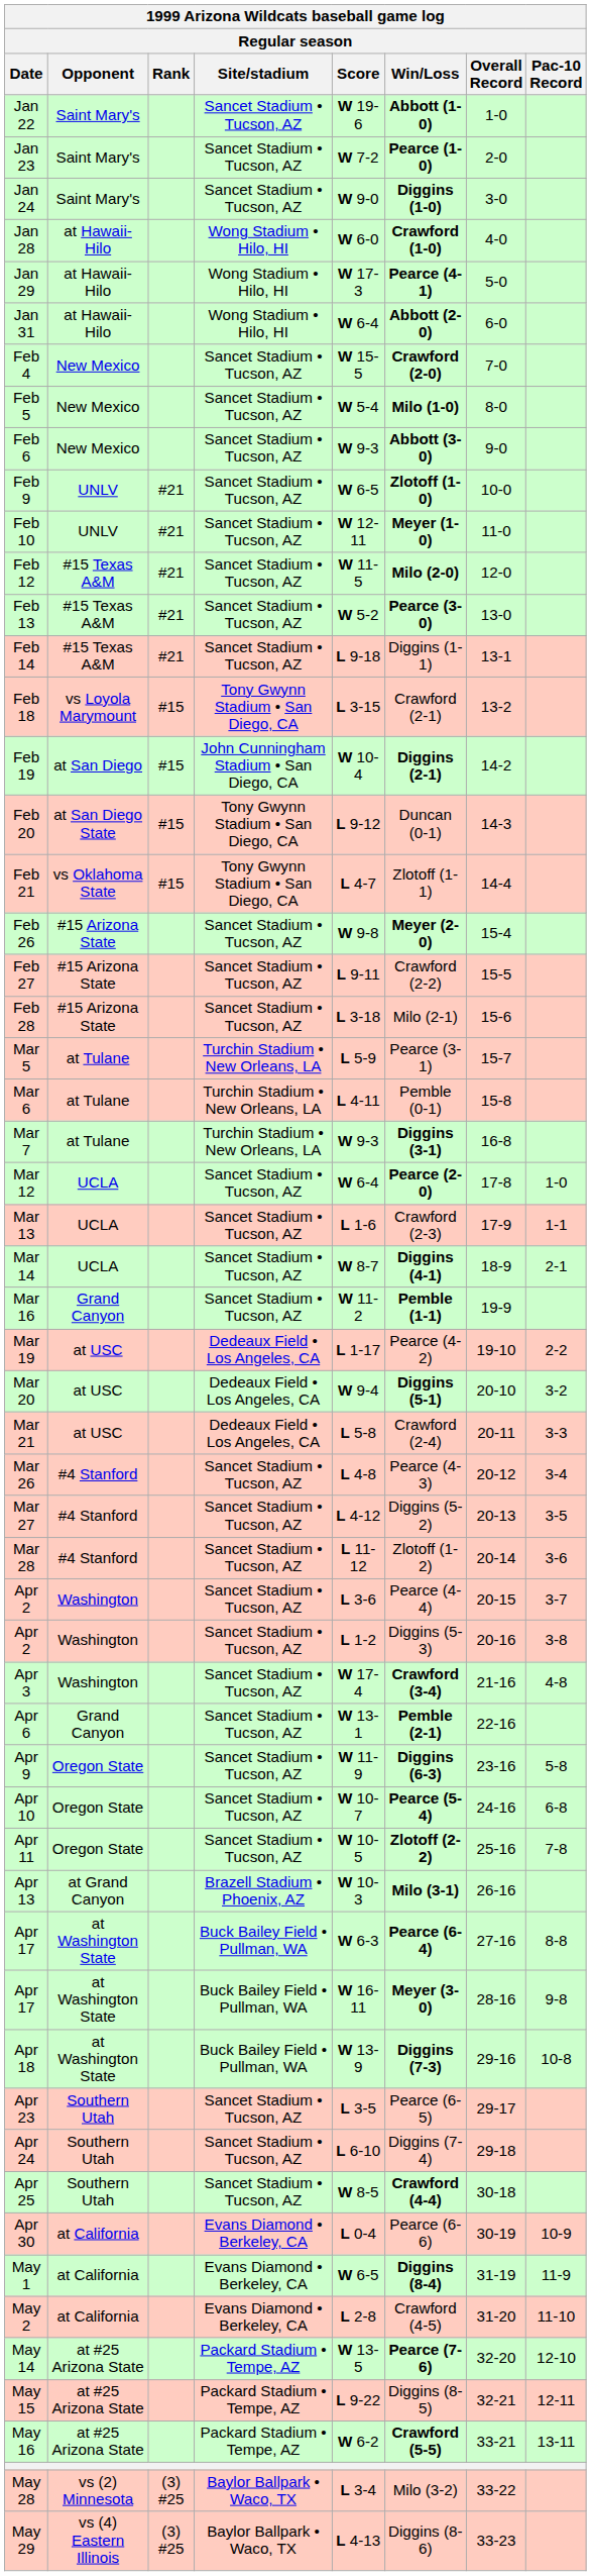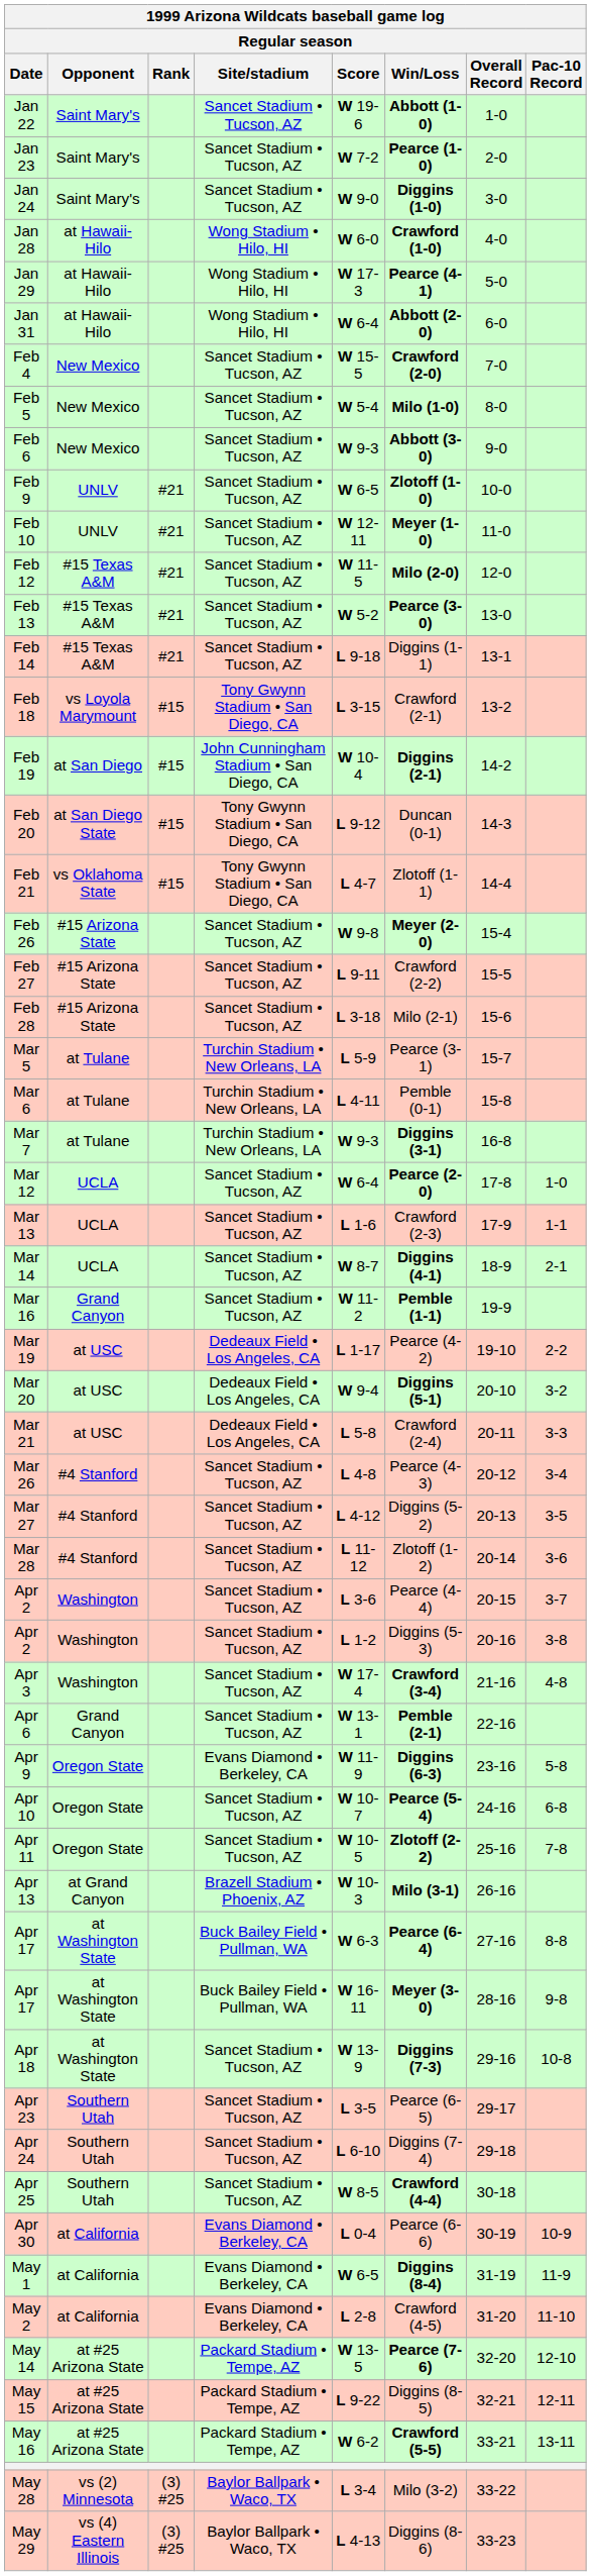 <table class="wikitable">
 <tr>
 <th colspan="8">1999 Arizona Wildcats baseball game log</th>
 </tr>
 <tr>
 <th colspan="8">Regular season</th>
 </tr>
 <tr>
 <th>Date</th>
 <th>Opponent</th>
 <th>Rank</th>
 <th>Site/stadium</th>
 <th>Score</th>
 <th>Win/Loss</th>
 <th>Overall<br>Record</th>
 <th>Pac-10<br>Record</th>
 </tr>
 <tr bgcolor="ccffcc" align="center">
 <td>Jan 22</td>
 <td><a href='#'>Saint Mary's</a></td>
 <td></td>
 <td><a href='#'>Sancet Stadium</a> • <a href='#'>Tucson, AZ</a></td>
 <td><strong>W</strong> 19-6</td>
 <td><strong>Abbott (1-0)</strong></td>
 <td>1-0</td>
 <td></td>
 </tr>
 <tr bgcolor="ccffcc" align="center">
 <td>Jan 23</td>
 <td>Saint Mary's</td>
 <td></td>
 <td>Sancet Stadium • Tucson, AZ</td>
 <td><strong>W</strong> 7-2</td>
 <td><strong>Pearce (1-0)</strong></td>
 <td>2-0</td>
 <td></td>
 </tr>
 <tr bgcolor="ccffcc" align="center">
 <td>Jan 24</td>
 <td>Saint Mary's</td>
 <td></td>
 <td>Sancet Stadium • Tucson, AZ</td>
 <td><strong>W</strong> 9-0</td>
 <td><strong>Diggins (1-0)</strong></td>
 <td>3-0</td>
 <td></td>
 </tr>
 <tr bgcolor="ccffcc" align="center">
 <td>Jan 28</td>
 <td>at <a href='#'>Hawaii-Hilo</a></td>
 <td></td>
 <td><a href='#'>Wong Stadium</a> • <a href='#'>Hilo, HI</a></td>
 <td><strong>W</strong> 6-0</td>
 <td><strong>Crawford (1-0)</strong></td>
 <td>4-0</td>
 <td></td>
 </tr>
 <tr bgcolor="ccffcc" align="center">
 <td>Jan 29</td>
 <td>at Hawaii-Hilo</td>
 <td></td>
 <td>Wong Stadium • Hilo, HI</td>
 <td><strong>W</strong> 17-3</td>
 <td><strong>Pearce (4-1)</strong></td>
 <td>5-0</td>
 <td></td>
 </tr>
 <tr bgcolor="ccffcc" align="center">
 <td>Jan 31</td>
 <td>at Hawaii-Hilo</td>
 <td></td>
 <td>Wong Stadium • Hilo, HI</td>
 <td><strong>W</strong> 6-4</td>
 <td><strong>Abbott (2-0)</strong></td>
 <td>6-0</td>
 <td></td>
 </tr>
 <tr bgcolor="ccffcc" align="center">
 <td>Feb 4</td>
 <td><a href='#'>New Mexico</a></td>
 <td></td>
 <td>Sancet Stadium • Tucson, AZ</td>
 <td><strong>W</strong> 15-5</td>
 <td><strong>Crawford (2-0)</strong></td>
 <td>7-0</td>
 <td></td>
 </tr>
 <tr bgcolor="ccffcc" align="center">
 <td>Feb 5</td>
 <td>New Mexico</td>
 <td></td>
 <td>Sancet Stadium • Tucson, AZ</td>
 <td><strong>W</strong> 5-4</td>
 <td><strong>Milo (1-0)</strong></td>
 <td>8-0</td>
 <td></td>
 </tr>
 <tr bgcolor="ccffcc" align="center">
 <td>Feb 6</td>
 <td>New Mexico</td>
 <td></td>
 <td>Sancet Stadium • Tucson, AZ</td>
 <td><strong>W</strong> 9-3</td>
 <td><strong>Abbott (3-0)</strong></td>
 <td>9-0</td>
 <td></td>
 </tr>
 <tr bgcolor="ccffcc" align="center">
 <td>Feb 9</td>
 <td><a href='#'>UNLV</a></td>
 <td>#21</td>
 <td>Sancet Stadium • Tucson, AZ</td>
 <td><strong>W</strong> 6-5</td>
 <td><strong>Zlotoff (1-0)</strong></td>
 <td>10-0</td>
 <td></td>
 </tr>
 <tr bgcolor="ccffcc" align="center">
 <td>Feb 10</td>
 <td>UNLV</td>
 <td>#21</td>
 <td>Sancet Stadium • Tucson, AZ</td>
 <td><strong>W</strong> 12-11</td>
 <td><strong>Meyer (1-0)</strong></td>
 <td>11-0</td>
 <td></td>
 </tr>
 <tr bgcolor="ccffcc" align="center">
 <td>Feb 12</td>
 <td>#15 <a href='#'>Texas A&M</a></td>
 <td>#21</td>
 <td>Sancet Stadium • Tucson, AZ</td>
 <td><strong>W</strong> 11-5</td>
 <td><strong>Milo (2-0)</strong></td>
 <td>12-0</td>
 <td></td>
 </tr>
 <tr bgcolor="ccffcc" align="center">
 <td>Feb 13</td>
 <td>#15 Texas A&M</td>
 <td>#21</td>
 <td>Sancet Stadium • Tucson, AZ</td>
 <td><strong>W</strong> 5-2</td>
 <td><strong>Pearce (3-0)</strong></td>
 <td>13-0</td>
 <td></td>
 </tr>
 <tr bgcolor="ffccc" align="center">
 <td>Feb 14</td>
 <td>#15 Texas A&M</td>
 <td>#21</td>
 <td>Sancet Stadium • Tucson, AZ</td>
 <td><strong>L</strong> 9-18</td>
 <td>Diggins (1-1)</td>
 <td>13-1</td>
 <td></td>
 </tr>
 <tr bgcolor="ffccc" align="center">
 <td>Feb 18</td>
 <td>vs <a href='#'>Loyola Marymount</a></td>
 <td>#15</td>
 <td><a href='#'>Tony Gwynn Stadium</a> • <a href='#'>San Diego, CA</a></td>
 <td><strong>L</strong> 3-15</td>
 <td>Crawford (2-1)</td>
 <td>13-2</td>
 <td></td>
 </tr>
 <tr bgcolor="ccffcc" align="center">
 <td>Feb 19</td>
 <td>at <a href='#'>San Diego</a></td>
 <td>#15</td>
 <td><a href='#'>John Cunningham Stadium</a> • San Diego, CA</td>
 <td><strong>W</strong> 10-4</td>
 <td><strong>Diggins (2-1)</strong></td>
 <td>14-2</td>
 <td></td>
 </tr>
 <tr bgcolor="ffccc" align="center">
 <td>Feb 20</td>
 <td>at <a href='#'>San Diego State</a></td>
 <td>#15</td>
 <td>Tony Gwynn Stadium • San Diego, CA</td>
 <td><strong>L</strong> 9-12</td>
 <td>Duncan (0-1)</td>
 <td>14-3</td>
 <td></td>
 </tr>
 <tr bgcolor="ffccc" align="center">
 <td>Feb 21</td>
 <td>vs <a href='#'>Oklahoma State</a></td>
 <td>#15</td>
 <td>Tony Gwynn Stadium • San Diego, CA</td>
 <td><strong>L</strong> 4-7</td>
 <td>Zlotoff (1-1)</td>
 <td>14-4</td>
 <td></td>
 </tr>
 <tr bgcolor="ccffcc" align="center">
 <td>Feb 26</td>
 <td>#15 <a href='#'>Arizona State</a></td>
 <td></td>
 <td>Sancet Stadium • Tucson, AZ</td>
 <td><strong>W</strong> 9-8</td>
 <td><strong>Meyer (2-0)</strong></td>
 <td>15-4</td>
 <td></td>
 </tr>
 <tr bgcolor="ffccc" align="center">
 <td>Feb 27</td>
 <td>#15 Arizona State</td>
 <td></td>
 <td>Sancet Stadium • Tucson, AZ</td>
 <td><strong>L</strong> 9-11</td>
 <td>Crawford (2-2)</td>
 <td>15-5</td>
 <td></td>
 </tr>
 <tr bgcolor="ffccc" align="center">
 <td>Feb 28</td>
 <td>#15 Arizona State</td>
 <td></td>
 <td>Sancet Stadium • Tucson, AZ</td>
 <td><strong>L</strong> 3-18</td>
 <td>Milo (2-1)</td>
 <td>15-6</td>
 <td></td>
 </tr>
 <tr bgcolor="ffccc" align="center">
 <td>Mar 5</td>
 <td>at <a href='#'>Tulane</a></td>
 <td></td>
 <td><a href='#'>Turchin Stadium</a> • <a href='#'>New Orleans, LA</a></td>
 <td><strong>L</strong> 5-9</td>
 <td>Pearce (3-1)</td>
 <td>15-7</td>
 <td></td>
 </tr>
 <tr bgcolor="ffccc" align="center">
 <td>Mar 6</td>
 <td>at Tulane</td>
 <td></td>
 <td>Turchin Stadium • New Orleans, LA</td>
 <td><strong>L</strong> 4-11</td>
 <td>Pemble (0-1)</td>
 <td>15-8</td>
 <td></td>
 </tr>
 <tr bgcolor="ccffcc" align="center">
 <td>Mar 7</td>
 <td>at Tulane</td>
 <td></td>
 <td>Turchin Stadium • New Orleans, LA</td>
 <td><strong>W</strong> 9-3</td>
 <td><strong>Diggins (3-1)</strong></td>
 <td>16-8</td>
 <td></td>
 </tr>
 <tr bgcolor="ccffcc" align="center">
 <td>Mar 12</td>
 <td><a href='#'>UCLA</a></td>
 <td></td>
 <td>Sancet Stadium • Tucson, AZ</td>
 <td><strong>W</strong> 6-4</td>
 <td><strong>Pearce (2-0)</strong></td>
 <td>17-8</td>
 <td>1-0</td>
 </tr>
 <tr bgcolor="ffccc" align="center">
 <td>Mar 13</td>
 <td>UCLA</td>
 <td></td>
 <td>Sancet Stadium • Tucson, AZ</td>
 <td><strong>L</strong> 1-6</td>
 <td>Crawford (2-3)</td>
 <td>17-9</td>
 <td>1-1</td>
 </tr>
 <tr bgcolor="ccffcc" align="center">
 <td>Mar 14</td>
 <td>UCLA</td>
 <td></td>
 <td>Sancet Stadium • Tucson, AZ</td>
 <td><strong>W</strong> 8-7</td>
 <td><strong>Diggins (4-1)</strong></td>
 <td>18-9</td>
 <td>2-1</td>
 </tr>
 <tr bgcolor="ccffcc" align="center">
 <td>Mar 16</td>
 <td><a href='#'>Grand Canyon</a></td>
 <td></td>
 <td>Sancet Stadium • Tucson, AZ</td>
 <td><strong>W</strong> 11-2</td>
 <td><strong>Pemble (1-1)</strong></td>
 <td>19-9</td>
 <td></td>
 </tr>
 <tr bgcolor="ffccc" align="center">
 <td>Mar 19</td>
 <td>at <a href='#'>USC</a></td>
 <td></td>
 <td><a href='#'>Dedeaux Field</a> • <a href='#'>Los Angeles, CA</a></td>
 <td><strong>L</strong> 1-17</td>
 <td>Pearce (4-2)</td>
 <td>19-10</td>
 <td>2-2</td>
 </tr>
 <tr bgcolor="ccffcc" align="center">
 <td>Mar 20</td>
 <td>at USC</td>
 <td></td>
 <td>Dedeaux Field • Los Angeles, CA</td>
 <td><strong>W</strong> 9-4</td>
 <td><strong>Diggins (5-1)</strong></td>
 <td>20-10</td>
 <td>3-2</td>
 </tr>
 <tr bgcolor="ffccc" align="center">
 <td>Mar 21</td>
 <td>at USC</td>
 <td></td>
 <td>Dedeaux Field • Los Angeles, CA</td>
 <td><strong>L</strong> 5-8</td>
 <td>Crawford (2-4)</td>
 <td>20-11</td>
 <td>3-3</td>
 </tr>
 <tr bgcolor="ffccc" align="center">
 <td>Mar 26</td>
 <td>#4 <a href='#'>Stanford</a></td>
 <td></td>
 <td>Sancet Stadium • Tucson, AZ</td>
 <td><strong>L</strong> 4-8</td>
 <td>Pearce (4-3)</td>
 <td>20-12</td>
 <td>3-4</td>
 </tr>
 <tr bgcolor="ffccc" align="center">
 <td>Mar 27</td>
 <td>#4 Stanford</td>
 <td></td>
 <td>Sancet Stadium • Tucson, AZ</td>
 <td><strong>L</strong> 4-12</td>
 <td>Diggins (5-2)</td>
 <td>20-13</td>
 <td>3-5</td>
 </tr>
 <tr bgcolor="ffccc" align="center">
 <td>Mar 28</td>
 <td>#4 Stanford</td>
 <td></td>
 <td>Sancet Stadium • Tucson, AZ</td>
 <td><strong>L</strong> 11-12</td>
 <td>Zlotoff (1-2)</td>
 <td>20-14</td>
 <td>3-6</td>
 </tr>
 <tr bgcolor="ffccc" align="center">
 <td>Apr 2</td>
 <td><a href='#'>Washington</a></td>
 <td></td>
 <td>Sancet Stadium • Tucson, AZ</td>
 <td><strong>L</strong> 3-6</td>
 <td>Pearce (4-4)</td>
 <td>20-15</td>
 <td>3-7</td>
 </tr>
 <tr bgcolor="ffccc" align="center">
 <td>Apr 2</td>
 <td>Washington</td>
 <td></td>
 <td>Sancet Stadium • Tucson, AZ</td>
 <td><strong>L</strong> 1-2</td>
 <td>Diggins (5-3)</td>
 <td>20-16</td>
 <td>3-8</td>
 </tr>
 <tr bgcolor="ccffcc" align="center">
 <td>Apr 3</td>
 <td>Washington</td>
 <td></td>
 <td>Sancet Stadium • Tucson, AZ</td>
 <td><strong>W</strong> 17-4</td>
 <td><strong>Crawford (3-4)</strong></td>
 <td>21-16</td>
 <td>4-8</td>
 </tr>
 <tr bgcolor="ccffcc" align="center">
 <td>Apr 6</td>
 <td>Grand Canyon</td>
 <td></td>
 <td>Sancet Stadium • Tucson, AZ</td>
 <td><strong>W</strong> 13-1</td>
 <td><strong>Pemble (2-1)</strong></td>
 <td>22-16</td>
 <td></td>
 </tr>
 <tr bgcolor="ccffcc" align="center">
 <td>Apr 9</td>
 <td><a href='#'>Oregon State</a></td>
 <td></td>
-<td>Sancet Stadium • Tucson, AZ</td>
+<td>Evans Diamond • Berkeley, CA</td>
 <td><strong>W</strong> 11-9</td>
 <td><strong>Diggins (6-3)</strong></td>
 <td>23-16</td>
 <td>5-8</td>
 </tr>
 <tr bgcolor="ccffcc" align="center">
 <td>Apr 10</td>
 <td>Oregon State</td>
 <td></td>
 <td>Sancet Stadium • Tucson, AZ</td>
 <td><strong>W</strong> 10-7</td>
 <td><strong>Pearce (5-4)</strong></td>
 <td>24-16</td>
 <td>6-8</td>
 </tr>
 <tr bgcolor="ccffcc" align="center">
 <td>Apr 11</td>
 <td>Oregon State</td>
 <td></td>
 <td>Sancet Stadium • Tucson, AZ</td>
 <td><strong>W</strong> 10-5</td>
 <td><strong>Zlotoff (2-2)</strong></td>
 <td>25-16</td>
 <td>7-8</td>
 </tr>
 <tr bgcolor="ccffcc" align="center">
 <td>Apr 13</td>
 <td>at Grand Canyon</td>
 <td></td>
 <td><a href='#'>Brazell Stadium</a> • <a href='#'>Phoenix, AZ</a></td>
 <td><strong>W</strong> 10-3</td>
 <td><strong>Milo (3-1)</strong></td>
 <td>26-16</td>
 <td></td>
 </tr>
 <tr bgcolor="ccffcc" align="center">
 <td>Apr 17</td>
 <td>at <a href='#'>Washington State</a></td>
 <td></td>
 <td><a href='#'>Buck Bailey Field</a> • <a href='#'>Pullman, WA</a></td>
 <td><strong>W</strong> 6-3</td>
 <td><strong>Pearce (6-4)</strong></td>
 <td>27-16</td>
 <td>8-8</td>
 </tr>
 <tr bgcolor="ccffcc" align="center">
 <td>Apr 17</td>
 <td>at Washington State</td>
 <td></td>
 <td>Buck Bailey Field • Pullman, WA</td>
 <td><strong>W</strong> 16-11</td>
 <td><strong>Meyer (3-0)</strong></td>
 <td>28-16</td>
 <td>9-8</td>
 </tr>
 <tr bgcolor="ccffcc" align="center">
 <td>Apr 18</td>
 <td>at Washington State</td>
 <td></td>
-<td>Buck Bailey Field • Pullman, WA</td>
+<td>Sancet Stadium • Tucson, AZ</td>
 <td><strong>W</strong> 13-9</td>
 <td><strong>Diggins (7-3)</strong></td>
 <td>29-16</td>
 <td>10-8</td>
 </tr>
 <tr bgcolor="ffccc" align="center">
 <td>Apr 23</td>
 <td><a href='#'>Southern Utah</a></td>
 <td></td>
 <td>Sancet Stadium • Tucson, AZ</td>
 <td><strong>L</strong> 3-5</td>
 <td>Pearce (6-5)</td>
 <td>29-17</td>
 <td></td>
 </tr>
 <tr bgcolor="ffccc" align="center">
 <td>Apr 24</td>
 <td>Southern Utah</td>
 <td></td>
 <td>Sancet Stadium • Tucson, AZ</td>
 <td><strong>L</strong> 6-10</td>
 <td>Diggins (7-4)</td>
 <td>29-18</td>
 <td></td>
 </tr>
 <tr bgcolor="ccffcc" align="center">
 <td>Apr 25</td>
 <td>Southern Utah</td>
 <td></td>
 <td>Sancet Stadium • Tucson, AZ</td>
 <td><strong>W</strong> 8-5</td>
 <td><strong>Crawford (4-4)</strong></td>
 <td>30-18</td>
 <td></td>
 </tr>
 <tr bgcolor="ffccc" align="center">
 <td>Apr 30</td>
 <td>at <a href='#'>California</a></td>
 <td></td>
 <td><a href='#'>Evans Diamond</a> • <a href='#'>Berkeley, CA</a></td>
 <td><strong>L</strong> 0-4</td>
 <td>Pearce (6-6)</td>
 <td>30-19</td>
 <td>10-9</td>
 </tr>
 <tr bgcolor="ccffcc" align="center">
 <td>May 1</td>
 <td>at California</td>
 <td></td>
 <td>Evans Diamond • Berkeley, CA</td>
 <td><strong>W</strong> 6-5</td>
 <td><strong>Diggins (8-4)</strong></td>
 <td>31-19</td>
 <td>11-9</td>
 </tr>
 <tr bgcolor="ffccc" align="center">
 <td>May 2</td>
 <td>at California</td>
 <td></td>
 <td>Evans Diamond • Berkeley, CA</td>
 <td><strong>L</strong> 2-8</td>
 <td>Crawford (4-5)</td>
 <td>31-20</td>
 <td>11-10</td>
 </tr>
 <tr bgcolor="ccffcc" align="center">
 <td>May 14</td>
 <td>at #25 Arizona State</td>
 <td></td>
 <td><a href='#'>Packard Stadium</a> • <a href='#'>Tempe, AZ</a></td>
 <td><strong>W</strong> 13-5</td>
 <td><strong>Pearce (7-6)</strong></td>
 <td>32-20</td>
 <td>12-10</td>
 </tr>
 <tr bgcolor="ffccc" align="center">
 <td>May 15</td>
 <td>at #25 Arizona State</td>
 <td></td>
 <td>Packard Stadium • Tempe, AZ</td>
 <td><strong>L</strong> 9-22</td>
 <td>Diggins (8-5)</td>
 <td>32-21</td>
 <td>12-11</td>
 </tr>
 <tr bgcolor="ccffcc" align="center">
 <td>May 16</td>
 <td>at #25 Arizona State</td>
 <td></td>
 <td>Packard Stadium • Tempe, AZ</td>
 <td><strong>W</strong> 6-2</td>
 <td><strong>Crawford (5-5)</strong></td>
 <td>33-21</td>
 <td>13-11</td>
 </tr>
 <tr>
 <th colspan="8"><a href='#'></a></th>
 </tr>
 <tr bgcolor="ffccc" align="center">
 <td>May 28</td>
 <td>vs (2) <a href='#'>Minnesota</a></td>
 <td>(3) #25</td>
 <td><a href='#'>Baylor Ballpark</a> • <a href='#'>Waco, TX</a></td>
 <td><strong>L</strong> 3-4</td>
 <td>Milo (3-2)</td>
 <td>33-22</td>
 <td></td>
 </tr>
 <tr bgcolor="ffccc" align="center">
 <td>May 29</td>
 <td>vs (4) <a href='#'>Eastern Illinois</a></td>
 <td>(3) #25</td>
 <td>Baylor Ballpark • Waco, TX</td>
 <td><strong>L</strong> 4-13</td>
 <td>Diggins (8-6)</td>
 <td>33-23</td>
 <td></td>
 </tr>
 </table>
